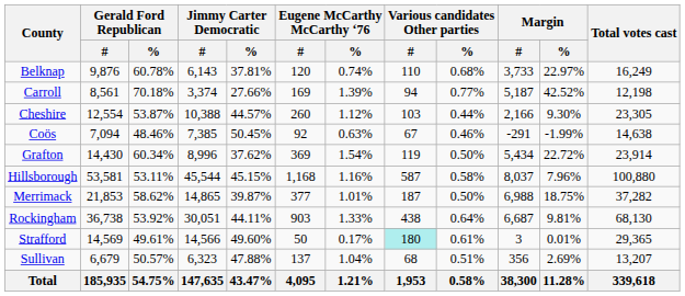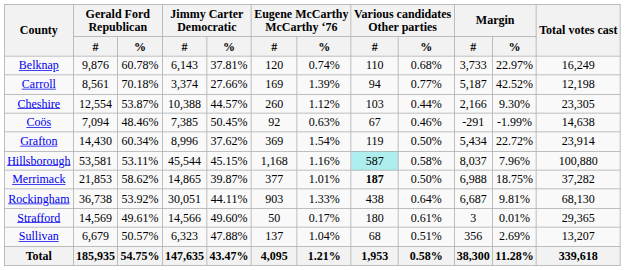 <table class="wikitable sortable">
 <tr>
 <th rowspan="2">County</th>
 <th colspan="2">Gerald Ford<br>Republican</th>
 <th colspan="2">Jimmy Carter<br>Democratic</th>
 <th colspan="2">Eugene McCarthy<br>McCarthy ‘76</th>
 <th colspan="2">Various candidates<br>Other parties</th>
 <th colspan="2">Margin</th>
 <th rowspan="2">Total votes cast</th>
 </tr>
 <tr>
 <th data-sort-type="number">#</th>
 <th data-sort-type="number">%</th>
 <th data-sort-type="number">#</th>
 <th data-sort-type="number">%</th>
 <th data-sort-type="number">#</th>
 <th data-sort-type="number">%</th>
 <th data-sort-type="number">#</th>
 <th data-sort-type="number">%</th>
 <th data-sort-type="number">#</th>
 <th data-sort-type="number">%</th>
 </tr>
 <tr style="text-align:center;">
 <td><a href='#'>Belknap</a></td>
 <td>9,876</td>
 <td>60.78%</td>
 <td>6,143</td>
 <td>37.81%</td>
 <td>120</td>
 <td>0.74%</td>
 <td>110</td>
 <td>0.68%</td>
 <td>3,733</td>
 <td>22.97%</td>
 <td>16,249</td>
 </tr>
 <tr style="text-align:center;">
 <td><a href='#'>Carroll</a></td>
 <td>8,561</td>
 <td>70.18%</td>
 <td>3,374</td>
 <td>27.66%</td>
 <td>169</td>
 <td>1.39%</td>
 <td>94</td>
 <td>0.77%</td>
 <td>5,187</td>
 <td>42.52%</td>
 <td>12,198</td>
 </tr>
 <tr style="text-align:center;">
 <td><a href='#'>Cheshire</a></td>
 <td>12,554</td>
 <td>53.87%</td>
 <td>10,388</td>
 <td>44.57%</td>
 <td>260</td>
 <td>1.12%</td>
 <td>103</td>
 <td>0.44%</td>
 <td>2,166</td>
 <td>9.30%</td>
 <td>23,305</td>
 </tr>
 <tr style="text-align:center;">
 <td><a href='#'>Coös</a></td>
 <td>7,094</td>
 <td>48.46%</td>
 <td>7,385</td>
 <td>50.45%</td>
 <td>92</td>
 <td>0.63%</td>
 <td>67</td>
 <td>0.46%</td>
 <td>-291</td>
 <td>-1.99%</td>
 <td>14,638</td>
 </tr>
 <tr style="text-align:center;">
 <td><a href='#'>Grafton</a></td>
 <td>14,430</td>
 <td>60.34%</td>
 <td>8,996</td>
 <td>37.62%</td>
 <td>369</td>
 <td>1.54%</td>
 <td>119</td>
 <td>0.50%</td>
 <td>5,434</td>
 <td>22.72%</td>
 <td>23,914</td>
 </tr>
 <tr style="text-align:center;">
 <td><a href='#'>Hillsborough</a></td>
 <td>53,581</td>
 <td>53.11%</td>
 <td>45,544</td>
 <td>45.15%</td>
 <td>1,168</td>
 <td>1.16%</td>
-<td>587</td>
+<td style="background: paleturquoise;">587</td>
 <td>0.58%</td>
 <td>8,037</td>
 <td>7.96%</td>
 <td>100,880</td>
 </tr>
 <tr style="text-align:center;">
 <td><a href='#'>Merrimack</a></td>
 <td>21,853</td>
 <td>58.62%</td>
 <td>14,865</td>
 <td>39.87%</td>
 <td>377</td>
 <td>1.01%</td>
-<td>187</td>
+<td><strong>187</strong></td>
 <td>0.50%</td>
 <td>6,988</td>
 <td>18.75%</td>
 <td>37,282</td>
 </tr>
 <tr style="text-align:center;">
 <td><a href='#'>Rockingham</a></td>
 <td>36,738</td>
 <td>53.92%</td>
 <td>30,051</td>
 <td>44.11%</td>
 <td>903</td>
 <td>1.33%</td>
 <td>438</td>
 <td>0.64%</td>
 <td>6,687</td>
 <td>9.81%</td>
 <td>68,130</td>
 </tr>
 <tr style="text-align:center;">
 <td><a href='#'>Strafford</a></td>
 <td>14,569</td>
 <td>49.61%</td>
 <td>14,566</td>
 <td>49.60%</td>
 <td>50</td>
 <td>0.17%</td>
-<td style="background: paleturquoise;">180</td>
+<td>180</td>
 <td>0.61%</td>
 <td>3</td>
 <td>0.01%</td>
 <td>29,365</td>
 </tr>
 <tr style="text-align:center;">
 <td><a href='#'>Sullivan</a></td>
 <td>6,679</td>
 <td>50.57%</td>
 <td>6,323</td>
 <td>47.88%</td>
 <td>137</td>
 <td>1.04%</td>
 <td>68</td>
 <td>0.51%</td>
 <td>356</td>
 <td>2.69%</td>
 <td>13,207</td>
 </tr>
 <tr style="text-align:center;">
 <th>Total</th>
 <th>185,935</th>
 <th>54.75%</th>
 <th>147,635</th>
 <th>43.47%</th>
 <th>4,095</th>
 <th>1.21%</th>
 <th>1,953</th>
 <th>0.58%</th>
 <th>38,300</th>
 <th>11.28%</th>
 <th>339,618</th>
 </tr>
 </table>
